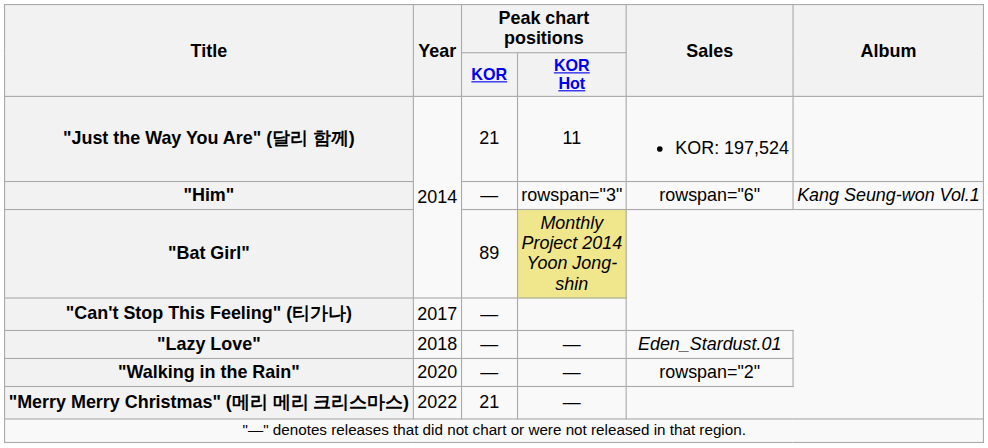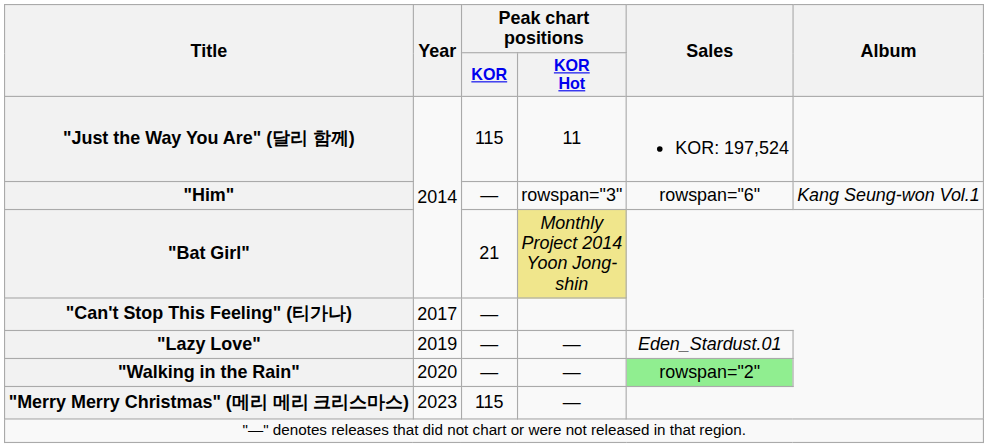 <table class="wikitable plainrowheaders" style="text-align:center;">
 <tr>
 <th scope="col" rowspan="2">Title</th>
 <th scope="col" rowspan="2">Year</th>
 <th scope="col" colspan="2">Peak chart positions</th>
 <th scope="col" rowspan="2">Sales</th>
 <th scope="col" rowspan="2">Album</th>
 </tr>
 <tr>
 <th scope="col" style="width:3em;font-size:90%;"><a href='#'>KOR</a><br></th>
 <th scope="col" style="width:3em;font-size:90%;"><a href='#'>KOR<br>Hot</a><br></th>
 </tr>
 <tr>
 <th scope="row">"Just the Way You Are" (달리 함께)<br></th>
 <td rowspan="3">2014</td>
-<td>21</td>
+<td>115</td>
 <td>11</td>
 <td><br><ul><li>KOR: 197,524</li></ul></td>
 <td></td>
 </tr>
 <tr>
 <th scope="row">"Him"<br></th>
 <td>—</td>
 <td>rowspan="3" </td>
 <td>rowspan="6" </td>
 <td><em>Kang Seung-won Vol.1</em></td>
 </tr>
 <tr>
 <th scope="row">"Bat Girl"<br></th>
-<td>89</td>
+<td>21</td>
 <td style="background: khaki;"><em>Monthly Project 2014 Yoon Jong-shin</em></td>
 </tr>
 <tr>
 <th scope="row">"Can't Stop This Feeling" (티가나)<br></th>
 <td>2017</td>
 <td>—</td>
 <td></td>
 </tr>
 <tr>
 <th scope="row">"Lazy Love"<br></th>
-<td>2018</td>
+<td>2019</td>
 <td>—</td>
 <td>—</td>
 <td><em>Eden_Stardust.01</em></td>
 </tr>
 <tr>
 <th scope="row">"Walking in the Rain"<br></th>
 <td>2020</td>
 <td>—</td>
 <td>—</td>
-<td>rowspan="2" </td>
+<td style="background: lightgreen;">rowspan="2" </td>
 </tr>
 <tr>
 <th scope="row">"Merry Merry Christmas" (메리 메리 크리스마스)<br></th>
-<td>2022</td>
-<td>21</td>
+<td>2023</td>
+<td>115</td>
 <td>—</td>
 </tr>
 <tr>
 <td colspan="6" style="text-align:center; font-size:85%;">"—" denotes releases that did not chart or were not released in that region.</td>
 </tr>
 </table>
